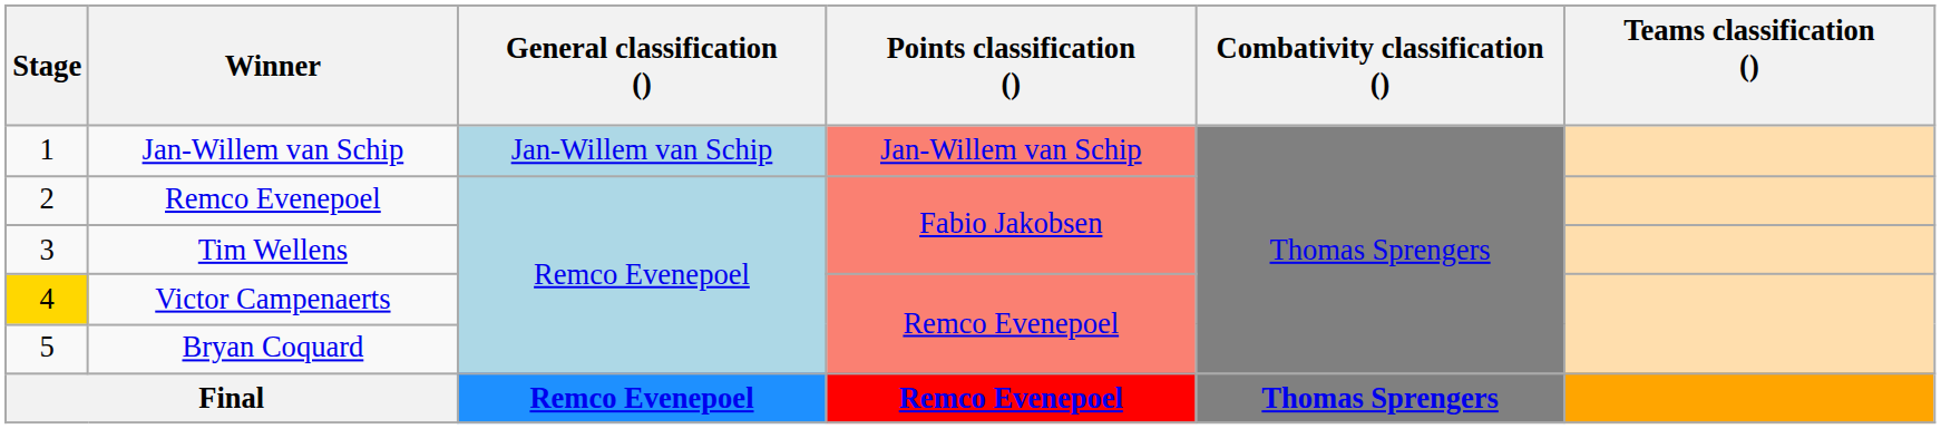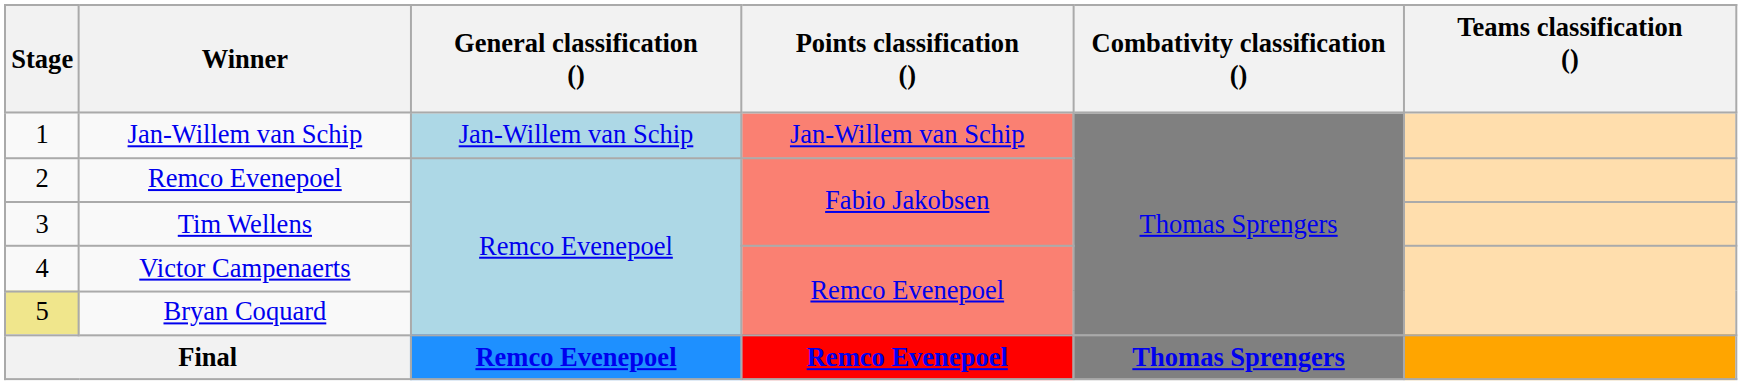 <table class="wikitable" style="text-align: center; font-size:smaller;">
 <tr style="background-color: #efefef;">
 <th width="1%">Stage</th>
 <th width="19.8%">Winner</th>
 <th width="19.8%">General classification<br>()<br></th>
 <th width="19.8%">Points classification<br>()<br></th>
 <th width="19.8%">Combativity classification<br>()<br></th>
 <th width="19.8%">Teams classification<br>()<br> </th>
 </tr>
 <tr>
 <td>1</td>
 <td><a href='#'>Jan-Willem van Schip</a></td>
 <td style="background:lightblue"><a href='#'>Jan-Willem van Schip</a></td>
 <td style="background:salmon;"><a href='#'>Jan-Willem van Schip</a></td>
 <td style="background:grey;" rowspan=5><a href='#'>Thomas Sprengers</a></td>
 <td style="background:navajowhite;"></td>
 </tr>
 <tr>
 <td>2</td>
 <td><a href='#'>Remco Evenepoel</a></td>
 <td style="background:lightblue" rowspan=4><a href='#'>Remco Evenepoel</a></td>
 <td style="background:salmon;" rowspan=2><a href='#'>Fabio Jakobsen</a></td>
 <td style="background:navajowhite;"></td>
 </tr>
 <tr>
 <td>3</td>
 <td><a href='#'>Tim Wellens</a></td>
 <td style="background:navajowhite;"></td>
 </tr>
 <tr>
-<td style="background: gold;">4</td>
+<td>4</td>
 <td><a href='#'>Victor Campenaerts</a></td>
 <td style="background:salmon;" rowspan=2><a href='#'>Remco Evenepoel</a></td>
 <td style="background:navajowhite;" rowspan=2></td>
 </tr>
 <tr>
-<td>5</td>
+<td style="background: khaki;">5</td>
 <td><a href='#'>Bryan Coquard</a></td>
 </tr>
 <tr>
 <th colspan=2>Final</th>
 <th style="background:dodgerblue;"><a href='#'>Remco Evenepoel</a></th>
 <th style="background:red;"><a href='#'>Remco Evenepoel</a></th>
 <th style="background:grey;"><a href='#'>Thomas Sprengers</a></th>
 <th style="background:orange;"></th>
 </tr>
 </table>
